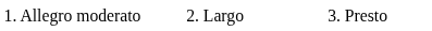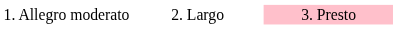 <table>
 <tr>
 <td colspan="3"></td>
 </tr>
 <tr>
 <td style="width: 33%; text-align: center;">1. Allegro moderato</td>
 <td style="width: 33%; text-align: center;">2. Largo</td>
-<td style="width: 33%; text-align: center;">3. Presto</td>
+<td style="background: pink; width: 33%; text-align: center;">3. Presto</td>
 </tr>
 </table>
